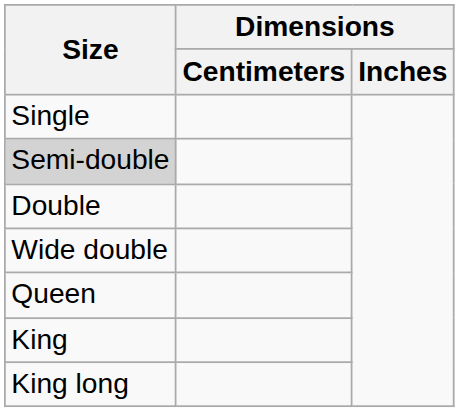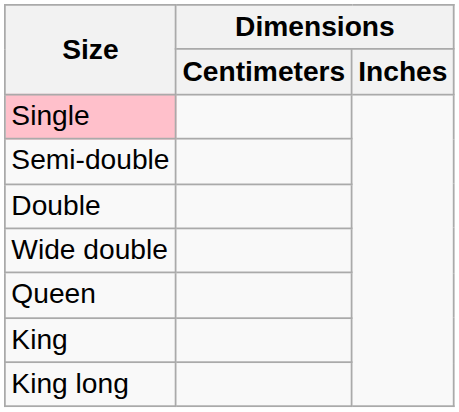 <table class="wikitable">
 <tr>
 <th rowspan="2" scope="col">Size</th>
 <th colspan="2" scope="col">Dimensions</th>
 </tr>
 <tr>
 <th>Centimeters</th>
 <th>Inches</th>
 </tr>
 <tr>
-<td>Single</td>
+<td style="background: pink;">Single</td>
 <td></td>
 </tr>
 <tr>
-<td style="background: lightgrey;">Semi-double</td>
+<td>Semi-double</td>
 <td></td>
 </tr>
 <tr>
 <td>Double</td>
 <td></td>
 </tr>
 <tr>
 <td>Wide double</td>
 <td></td>
 </tr>
 <tr>
 <td>Queen</td>
 <td></td>
 </tr>
 <tr>
 <td>King</td>
 <td></td>
 </tr>
 <tr>
 <td>King long</td>
 <td></td>
 </tr>
 </table>
